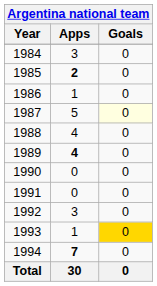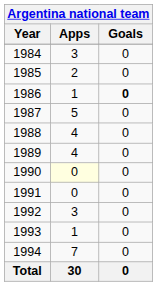 <table class="wikitable" style="text-align:center">
 <tr>
 <th colspan=3><a href='#'>Argentina national team</a></th>
 </tr>
 <tr>
 <th>Year</th>
 <th>Apps</th>
 <th>Goals</th>
 </tr>
 <tr>
 </tr>
 <tr>
 <td>1984</td>
 <td>3</td>
 <td>0</td>
 </tr>
 <tr>
 <td>1985</td>
-<td><strong>2</strong></td>
+<td>2</td>
 <td>0</td>
 </tr>
 <tr>
 <td>1986</td>
 <td>1</td>
-<td>0</td>
+<td><strong>0</strong></td>
 </tr>
 <tr>
 <td>1987</td>
 <td>5</td>
-<td style="background: lightyellow;">0</td>
+<td>0</td>
 </tr>
 <tr>
 <td>1988</td>
 <td>4</td>
 <td>0</td>
 </tr>
 <tr>
 <td>1989</td>
-<td><strong>4</strong></td>
+<td>4</td>
 <td>0</td>
 </tr>
 <tr>
 <td>1990</td>
-<td>0</td>
+<td style="background: lightyellow;">0</td>
 <td>0</td>
 </tr>
 <tr>
 <td>1991</td>
 <td>0</td>
 <td>0</td>
 </tr>
 <tr>
 <td>1992</td>
 <td>3</td>
 <td>0</td>
 </tr>
 <tr>
 <td>1993</td>
 <td>1</td>
-<td style="background: gold;">0</td>
+<td>0</td>
 </tr>
 <tr>
 <td>1994</td>
-<td><strong>7</strong></td>
+<td>7</td>
 <td>0</td>
 </tr>
 <tr>
 <th>Total</th>
 <th>30</th>
 <th>0</th>
 </tr>
 </table>
